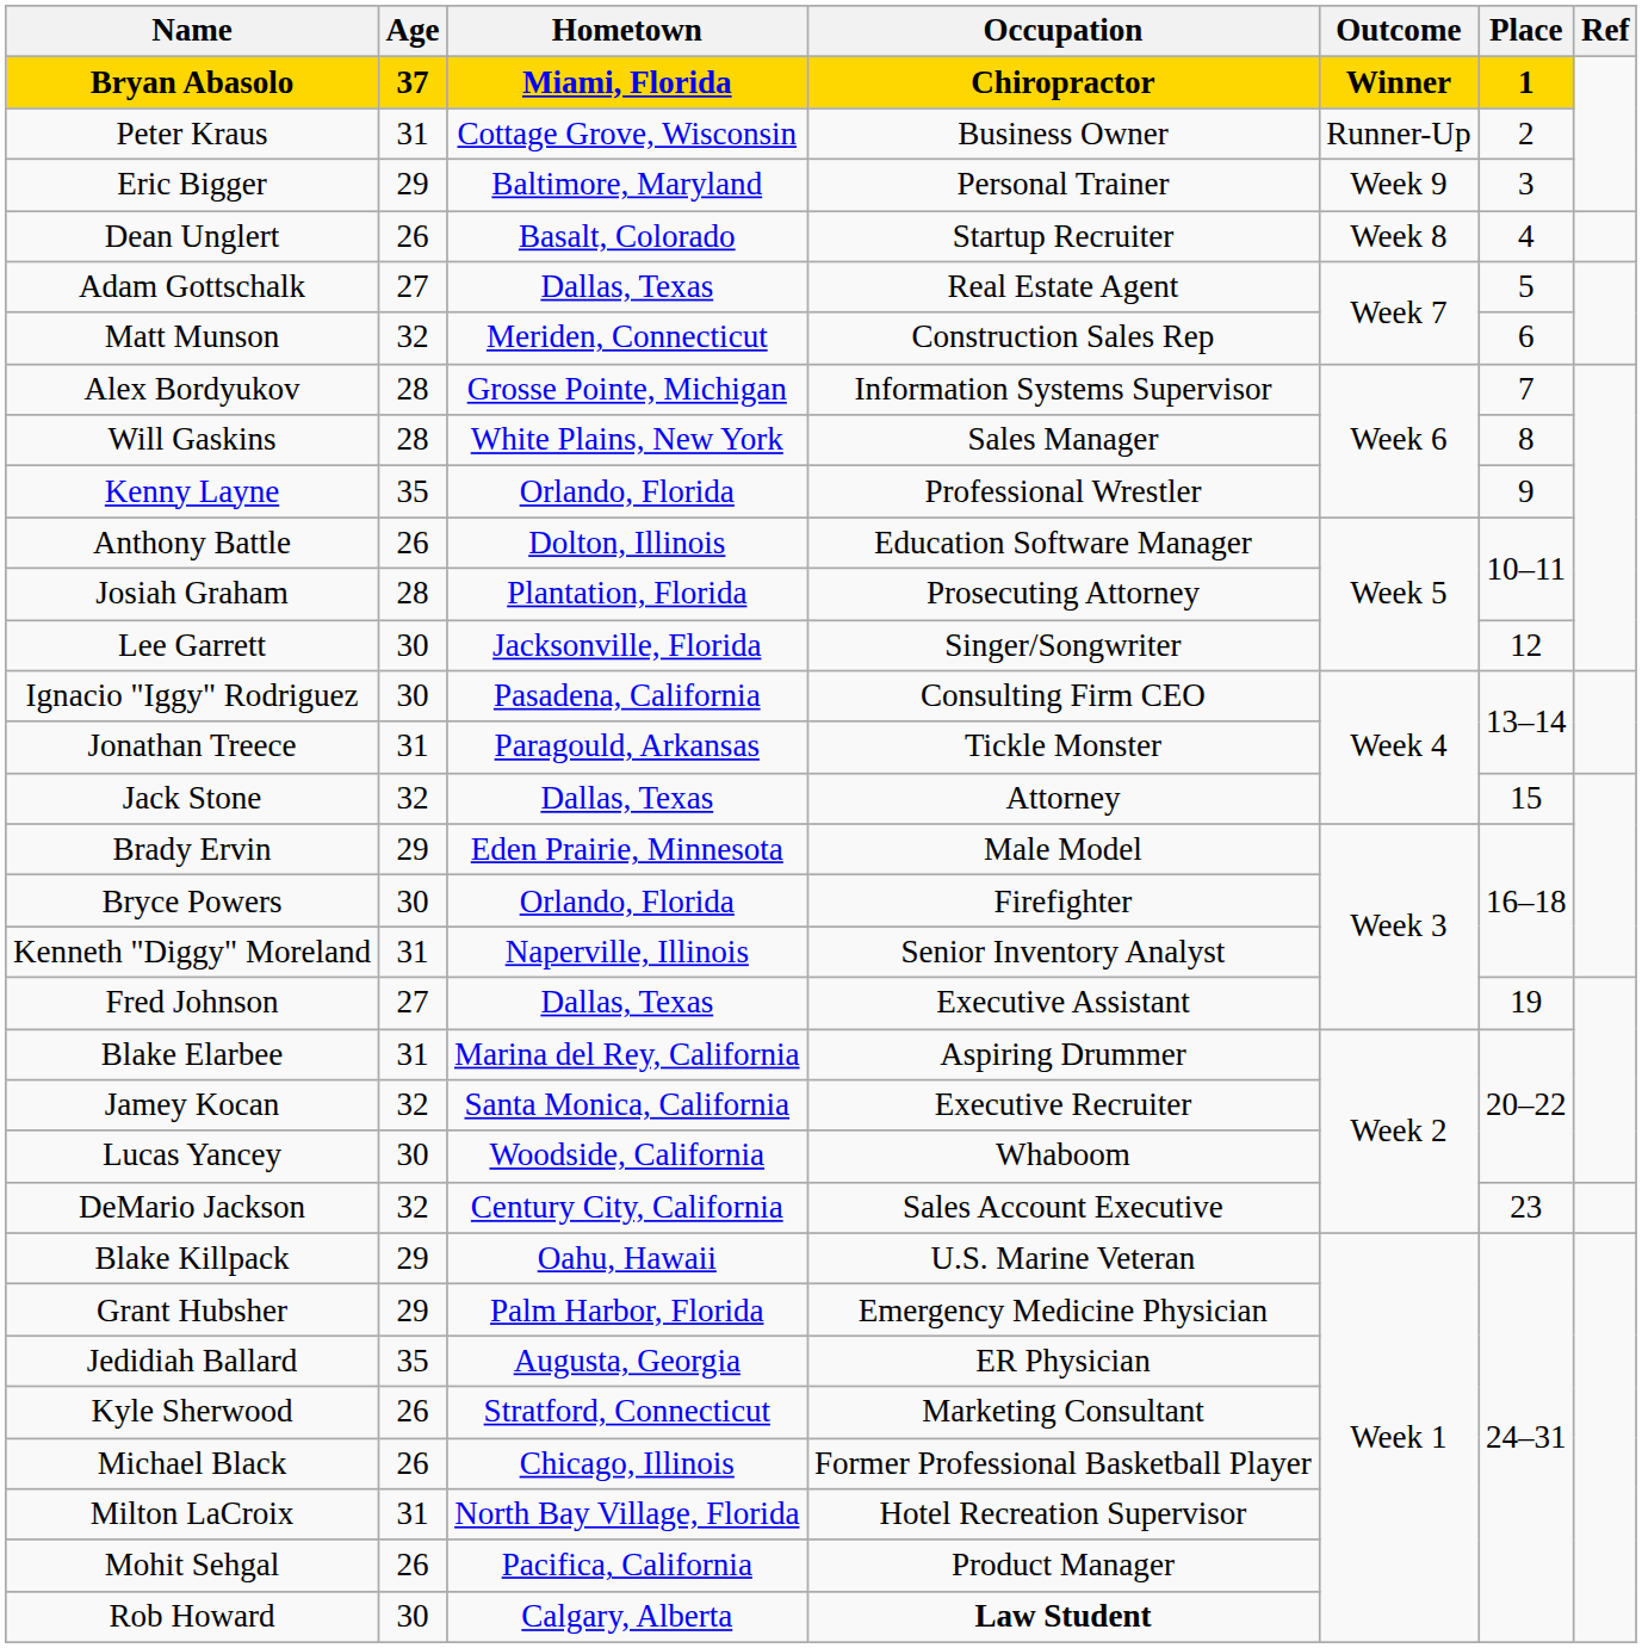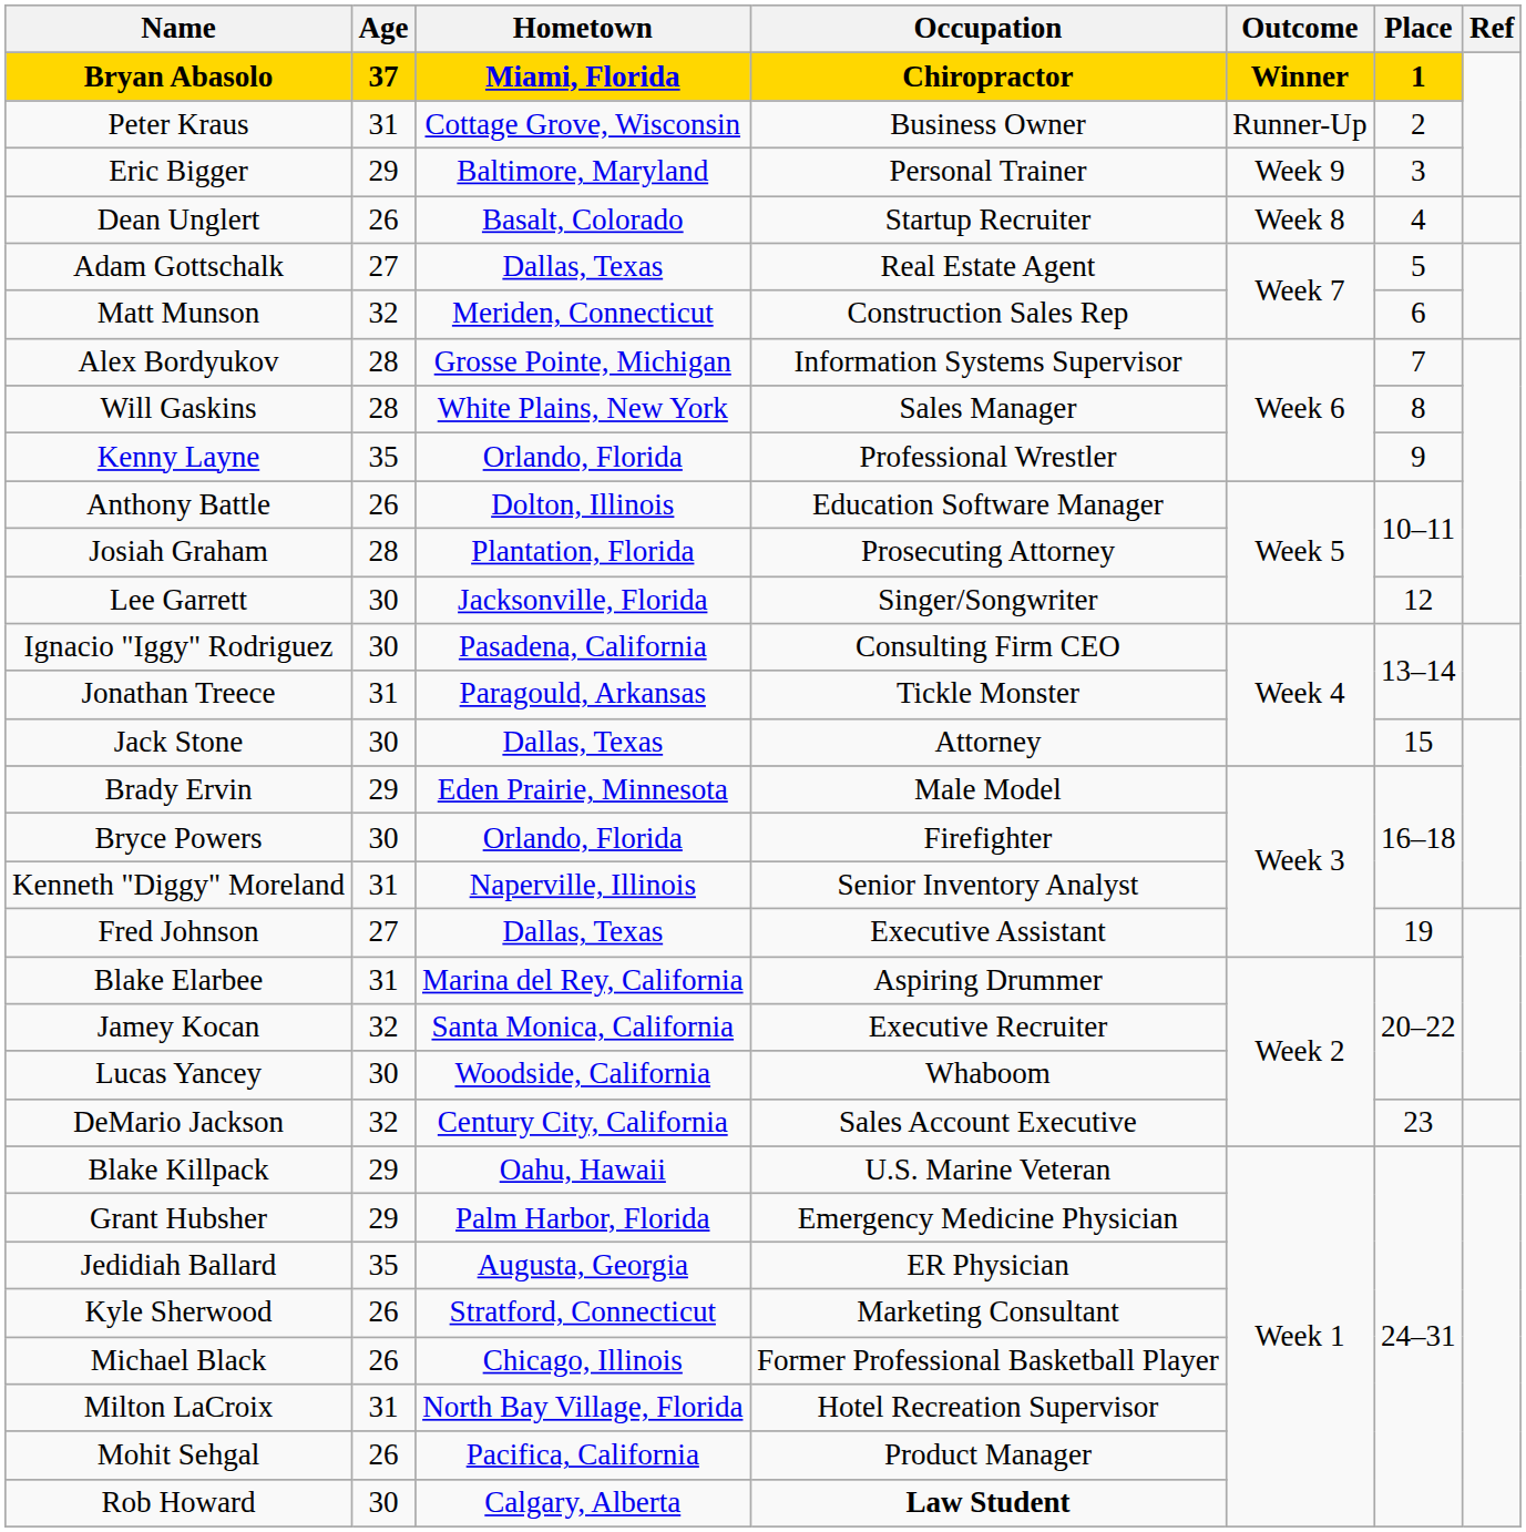 <table class="wikitable sortable" style="text-align:center;">
 <tr>
 <th>Name</th>
 <th>Age</th>
 <th>Hometown</th>
 <th>Occupation</th>
 <th>Outcome</th>
 <th>Place</th>
 <th>Ref</th>
 </tr>
 <tr>
 <td bgcolor="FFD700"><strong>Bryan Abasolo</strong></td>
 <td bgcolor="FFD700"><strong>37</strong></td>
 <td bgcolor="FFD700"><strong><a href='#'>Miami, Florida</a></strong></td>
 <td bgcolor="FFD700"><strong>Chiropractor</strong></td>
 <td bgcolor="FFD700"><strong>Winner</strong></td>
 <td bgcolor="FFD700"><strong>1</strong></td>
 <td rowspan="3"></td>
 </tr>
 <tr>
 <td>Peter Kraus </td>
 <td>31</td>
 <td><a href='#'>Cottage Grove, Wisconsin</a></td>
 <td>Business Owner</td>
 <td data-sort-value="Wh">Runner-Up</td>
 <td>2</td>
 </tr>
 <tr>
 <td>Eric Bigger</td>
 <td>29</td>
 <td><a href='#'>Baltimore, Maryland</a></td>
 <td>Personal Trainer</td>
 <td rowspan="1">Week 9</td>
 <td>3</td>
 </tr>
 <tr>
 <td>Dean Unglert</td>
 <td>26</td>
 <td><a href='#'>Basalt, Colorado</a></td>
 <td>Startup Recruiter</td>
 <td rowspan="1">Week 8</td>
 <td>4</td>
 <td></td>
 </tr>
 <tr>
 <td>Adam Gottschalk</td>
 <td>27</td>
 <td><a href='#'>Dallas, Texas</a></td>
 <td>Real Estate Agent</td>
 <td rowspan="2">Week 7</td>
 <td>5</td>
 <td rowspan="2"></td>
 </tr>
 <tr>
 <td>Matt Munson</td>
 <td>32</td>
 <td><a href='#'>Meriden, Connecticut</a></td>
 <td>Construction Sales Rep</td>
 <td>6</td>
 </tr>
 <tr>
 <td>Alex Bordyukov</td>
 <td>28</td>
 <td><a href='#'>Grosse Pointe, Michigan</a></td>
 <td>Information Systems Supervisor</td>
 <td rowspan="3">Week 6</td>
 <td>7</td>
 <td rowspan="6"></td>
 </tr>
 <tr>
 <td>Will Gaskins</td>
 <td>28</td>
 <td><a href='#'>White Plains, New York</a></td>
 <td>Sales Manager</td>
 <td>8</td>
 </tr>
 <tr>
 <td><a href='#'>Kenny Layne</a></td>
 <td>35</td>
 <td><a href='#'>Orlando, Florida</a></td>
 <td>Professional Wrestler</td>
 <td>9</td>
 </tr>
 <tr>
 <td>Anthony Battle</td>
 <td>26</td>
 <td><a href='#'>Dolton, Illinois</a></td>
 <td>Education Software Manager</td>
 <td rowspan="3">Week 5</td>
 <td rowspan="2">10–11</td>
 </tr>
 <tr>
 <td>Josiah Graham</td>
 <td>28</td>
 <td><a href='#'>Plantation, Florida</a></td>
 <td>Prosecuting Attorney</td>
 </tr>
 <tr>
 <td>Lee Garrett</td>
 <td>30</td>
 <td><a href='#'>Jacksonville, Florida</a></td>
 <td>Singer/Songwriter</td>
 <td>12</td>
 </tr>
 <tr>
 <td>Ignacio "Iggy" Rodriguez</td>
 <td>30</td>
 <td><a href='#'>Pasadena, California</a></td>
 <td>Consulting Firm CEO</td>
 <td rowspan="3">Week 4</td>
 <td rowspan="2">13–14</td>
 <td rowspan="2"></td>
 </tr>
 <tr>
 <td>Jonathan Treece</td>
 <td>31</td>
 <td><a href='#'>Paragould, Arkansas</a></td>
 <td>Tickle Monster</td>
 </tr>
 <tr>
 <td>Jack Stone</td>
-<td>32</td>
+<td>30</td>
 <td><a href='#'>Dallas, Texas</a></td>
 <td>Attorney</td>
 <td>15</td>
 <td rowspan="4"></td>
 </tr>
 <tr>
 <td>Brady Ervin</td>
 <td>29</td>
 <td><a href='#'>Eden Prairie, Minnesota</a></td>
 <td>Male Model</td>
 <td rowspan="4">Week 3</td>
 <td rowspan="3">16–18</td>
 </tr>
 <tr>
 <td>Bryce Powers</td>
 <td>30</td>
 <td><a href='#'>Orlando, Florida</a></td>
 <td>Firefighter</td>
 </tr>
 <tr>
 <td>Kenneth "Diggy" Moreland</td>
 <td>31</td>
 <td><a href='#'>Naperville, Illinois</a></td>
 <td>Senior Inventory Analyst</td>
 </tr>
 <tr>
 <td>Fred Johnson</td>
 <td>27</td>
 <td><a href='#'>Dallas, Texas</a></td>
 <td>Executive Assistant</td>
 <td>19</td>
 <td rowspan="4"></td>
 </tr>
 <tr>
 <td>Blake Elarbee</td>
 <td>31</td>
 <td><a href='#'>Marina del Rey, California</a></td>
 <td>Aspiring Drummer</td>
 <td rowspan="4">Week 2</td>
 <td rowspan="3">20–22</td>
 </tr>
 <tr>
 <td>Jamey Kocan</td>
 <td>32</td>
 <td><a href='#'>Santa Monica, California</a></td>
 <td>Executive Recruiter</td>
 </tr>
 <tr>
 <td>Lucas Yancey</td>
 <td>30</td>
 <td><a href='#'>Woodside, California</a></td>
 <td>Whaboom</td>
 </tr>
 <tr>
 <td>DeMario Jackson</td>
 <td>32</td>
 <td><a href='#'>Century City, California</a></td>
 <td>Sales Account Executive</td>
 <td>23</td>
 <td></td>
 </tr>
 <tr>
 <td>Blake Killpack</td>
 <td>29</td>
 <td><a href='#'>Oahu, Hawaii</a></td>
 <td>U.S. Marine Veteran</td>
 <td rowspan="8">Week 1</td>
 <td rowspan="8" align="center">24–31</td>
 <td rowspan="8"></td>
 </tr>
 <tr>
 <td>Grant Hubsher</td>
 <td>29</td>
 <td><a href='#'>Palm Harbor, Florida</a></td>
 <td>Emergency Medicine Physician</td>
 </tr>
 <tr>
 <td>Jedidiah Ballard</td>
 <td>35</td>
 <td><a href='#'>Augusta, Georgia</a></td>
 <td>ER Physician</td>
 </tr>
 <tr>
 <td>Kyle Sherwood</td>
 <td>26</td>
 <td><a href='#'>Stratford, Connecticut</a></td>
 <td>Marketing Consultant</td>
 </tr>
 <tr>
 <td>Michael Black</td>
 <td>26</td>
 <td><a href='#'>Chicago, Illinois</a></td>
 <td>Former Professional Basketball Player</td>
 </tr>
 <tr>
 <td>Milton LaCroix</td>
 <td>31</td>
 <td><a href='#'>North Bay Village, Florida</a></td>
 <td>Hotel Recreation Supervisor</td>
 </tr>
 <tr>
 <td>Mohit Sehgal</td>
 <td>26</td>
 <td><a href='#'>Pacifica, California</a></td>
 <td>Product Manager</td>
 </tr>
 <tr>
 <td>Rob Howard</td>
 <td>30</td>
 <td><a href='#'>Calgary, Alberta</a></td>
 <td><strong>Law Student</strong></td>
 </tr>
 </table>
